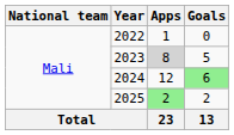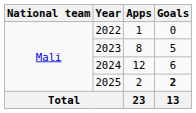 <table class="wikitable" style="text-align:center">
 <tr>
 <th>National team</th>
 <th>Year</th>
 <th>Apps</th>
 <th>Goals</th>
 </tr>
 <tr>
 <td rowspan="4"><a href='#'>Mali</a></td>
 <td>2022</td>
 <td>1</td>
 <td>0</td>
 </tr>
 <tr>
 <td>2023</td>
-<td style="background: lightgrey;">8</td>
+<td>8</td>
 <td>5</td>
 </tr>
 <tr>
 <td>2024</td>
 <td>12</td>
-<td style="background: lightgreen;">6</td>
+<td>6</td>
 </tr>
 <tr>
 <td>2025</td>
-<td style="background: lightgreen;">2</td>
 <td>2</td>
+<td><strong>2</strong></td>
 </tr>
 <tr>
 <th colspan="2">Total</th>
 <th>23</th>
 <th>13</th>
 </tr>
 </table>
